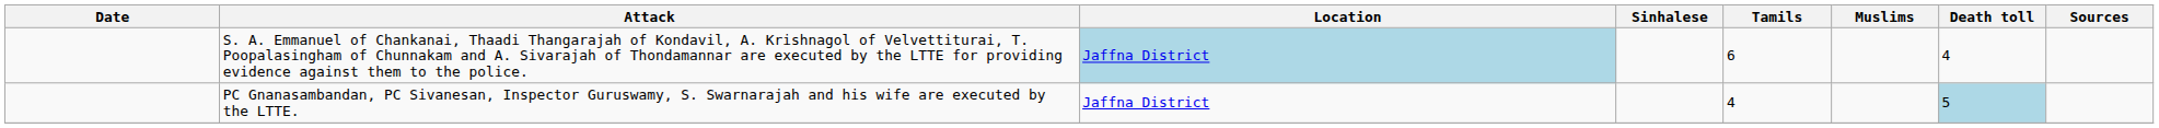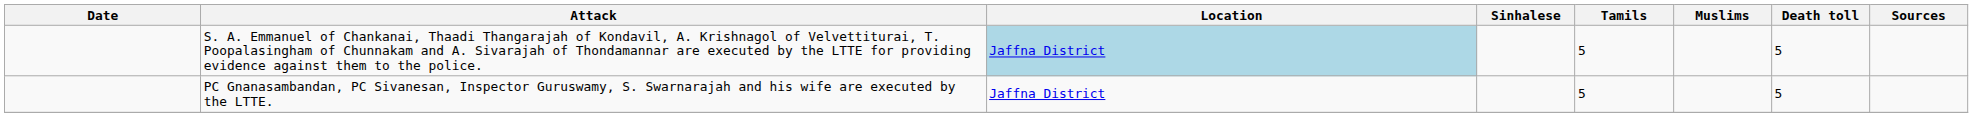 <table class="wikitable" style="width:100%;">
 <tr>
 <th width="10%">Date</th>
 <th width="40%">Attack</th>
 <th width="25%">Location</th>
 <th width="5%">Sinhalese</th>
 <th width="5%">Tamils</th>
 <th width="5%">Muslims</th>
 <th width="5%">Death toll</th>
 <th width="5%">Sources</th>
 </tr>
 <tr>
 <td></td>
 <td>S. A. Emmanuel of Chankanai, Thaadi Thangarajah of Kondavil, A. Krishnagol of Velvettiturai, T. Poopalasingham of Chunnakam and A. Sivarajah of Thondamannar are executed by the LTTE for providing evidence against them to the police.</td>
 <td style="background: lightblue;"><a href='#'>Jaffna District</a></td>
 <td></td>
-<td>6</td>
+<td>5</td>
 <td></td>
-<td>4</td>
+<td>5</td>
 <td></td>
 </tr>
 <tr>
 <td></td>
 <td>PC Gnanasambandan, PC Sivanesan, Inspector Guruswamy, S. Swarnarajah and his wife are executed by the LTTE.</td>
 <td><a href='#'>Jaffna District</a></td>
 <td></td>
-<td>4</td>
+<td>5</td>
 <td></td>
-<td style="background: lightblue;">5</td>
+<td>5</td>
 <td></td>
 </tr>
 <tr>
 </tr>
 </table>
